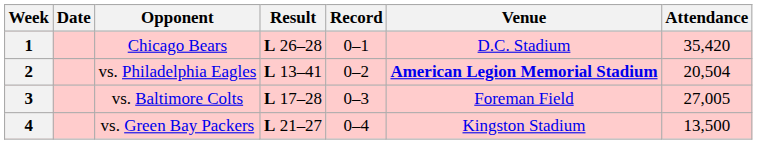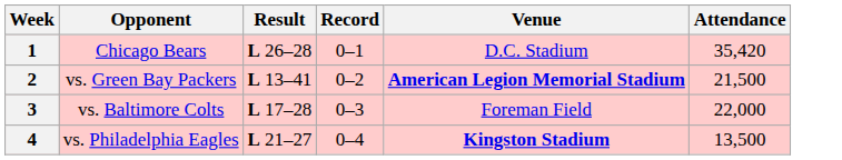 <table class="wikitable" style="text-align:center">
 <tr>
 <th>Week</th>
-<th>Date</th>
 <th>Opponent</th>
 <th>Result</th>
 <th>Record</th>
 <th>Venue</th>
 <th>Attendance</th>
 </tr>
 <tr style="background:#fcc;">
 <th>1</th>
-<td></td>
 <td><a href='#'>Chicago Bears</a></td>
 <td><strong>L</strong> 26–28</td>
 <td>0–1</td>
 <td><a href='#'>D.C. Stadium</a></td>
 <td>35,420</td>
 </tr>
 <tr style="background:#fcc;">
 <th>2</th>
-<td></td>
-<td>vs. <a href='#'>Philadelphia Eagles</a></td>
+<td>vs. <a href='#'>Green Bay Packers</a></td>
 <td><strong>L</strong> 13–41</td>
 <td>0–2</td>
 <td><strong><a href='#'>American Legion Memorial Stadium</a> </strong></td>
-<td>20,504</td>
+<td>21,500</td>
 </tr>
 <tr style="background:#fcc;">
 <th>3</th>
-<td></td>
 <td>vs. <a href='#'>Baltimore Colts</a></td>
 <td><strong>L</strong> 17–28</td>
 <td>0–3</td>
 <td><a href='#'>Foreman Field</a> </td>
-<td>27,005</td>
+<td>22,000</td>
 </tr>
 <tr style="background:#fcc;">
 <th>4</th>
-<td></td>
-<td>vs. <a href='#'>Green Bay Packers</a></td>
+<td>vs. <a href='#'>Philadelphia Eagles</a></td>
 <td><strong>L</strong> 21–27</td>
 <td>0–4</td>
-<td><a href='#'>Kingston Stadium</a> </td>
+<td><strong><a href='#'>Kingston Stadium</a> </strong></td>
 <td>13,500</td>
 </tr>
 </table>
